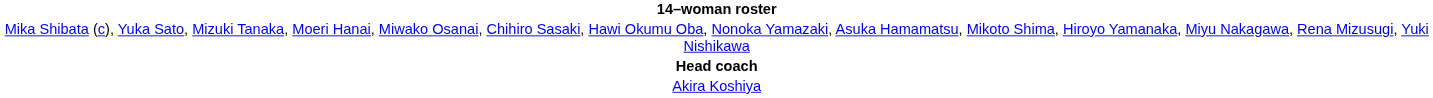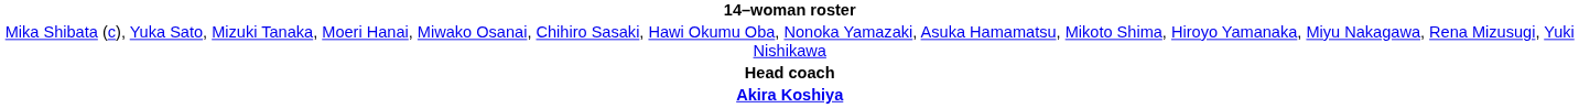 <table style="text-align:center; margin-top:2em; margin-left:auto; margin-right:auto">
 <tr>
 <td><strong>14–woman roster</strong></td>
 </tr>
 <tr>
 <td><a href='#'>Mika Shibata</a> (<a href='#'>c</a>), <a href='#'>Yuka Sato</a>, <a href='#'>Mizuki Tanaka</a>, <a href='#'>Moeri Hanai</a>, <a href='#'>Miwako Osanai</a>, <a href='#'>Chihiro Sasaki</a>, <a href='#'>Hawi Okumu Oba</a>, <a href='#'>Nonoka Yamazaki</a>, <a href='#'>Asuka Hamamatsu</a>, <a href='#'>Mikoto Shima</a>, <a href='#'>Hiroyo Yamanaka</a>, <a href='#'>Miyu Nakagawa</a>, <a href='#'>Rena Mizusugi</a>, <a href='#'>Yuki Nishikawa</a></td>
 </tr>
 <tr>
 <td><strong>Head coach</strong></td>
 </tr>
 <tr>
-<td><a href='#'>Akira Koshiya</a></td>
+<td><strong><a href='#'>Akira Koshiya</a></strong></td>
 </tr>
 <tr>
 <td></td>
 </tr>
 </table>
